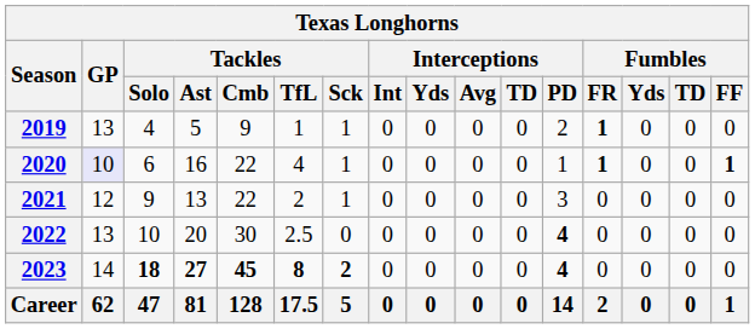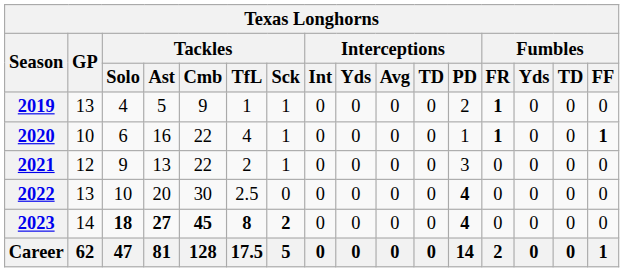 <table class="wikitable" style="text-align:center;">
 <tr>
 <th colspan="16">Texas Longhorns</th>
 </tr>
 <tr>
 <th rowspan="2">Season</th>
 <th rowspan="2">GP</th>
 <th colspan="5">Tackles</th>
 <th colspan="5">Interceptions</th>
 <th colspan="4">Fumbles</th>
 </tr>
 <tr>
 <th>Solo</th>
 <th>Ast</th>
 <th>Cmb</th>
 <th>TfL</th>
 <th>Sck</th>
 <th>Int</th>
 <th>Yds</th>
 <th>Avg</th>
 <th>TD</th>
 <th>PD</th>
 <th>FR</th>
 <th>Yds</th>
 <th>TD</th>
 <th>FF</th>
 </tr>
 <tr>
 <th><a href='#'>2019</a></th>
 <td>13</td>
 <td>4</td>
 <td>5</td>
 <td>9</td>
 <td>1</td>
 <td>1</td>
 <td>0</td>
 <td>0</td>
 <td>0</td>
 <td>0</td>
 <td>2</td>
 <td><strong>1</strong></td>
 <td>0</td>
 <td>0</td>
 <td>0</td>
 </tr>
 <tr>
 <th><a href='#'>2020</a></th>
-<td style="background: lavender;">10</td>
+<td>10</td>
 <td>6</td>
 <td>16</td>
 <td>22</td>
 <td>4</td>
 <td>1</td>
 <td>0</td>
 <td>0</td>
 <td>0</td>
 <td>0</td>
 <td>1</td>
 <td><strong>1</strong></td>
 <td>0</td>
 <td>0</td>
 <td><strong>1</strong></td>
 </tr>
 <tr>
 <th><a href='#'>2021</a></th>
 <td>12</td>
 <td>9</td>
 <td>13</td>
 <td>22</td>
 <td>2</td>
 <td>1</td>
 <td>0</td>
 <td>0</td>
 <td>0</td>
 <td>0</td>
 <td>3</td>
 <td>0</td>
 <td>0</td>
 <td>0</td>
 <td>0</td>
 </tr>
 <tr>
 <th><a href='#'>2022</a></th>
 <td>13</td>
 <td>10</td>
 <td>20</td>
 <td>30</td>
 <td>2.5</td>
 <td>0</td>
 <td>0</td>
 <td>0</td>
 <td>0</td>
 <td>0</td>
 <td><strong>4</strong></td>
 <td>0</td>
 <td>0</td>
 <td>0</td>
 <td>0</td>
 </tr>
 <tr>
 <th><a href='#'>2023</a></th>
 <td>14</td>
 <td><strong>18</strong></td>
 <td><strong>27</strong></td>
 <td><strong>45</strong></td>
 <td><strong>8</strong></td>
 <td><strong>2</strong></td>
 <td>0</td>
 <td>0</td>
 <td>0</td>
 <td>0</td>
 <td><strong>4</strong></td>
 <td>0</td>
 <td>0</td>
 <td>0</td>
 <td>0</td>
 </tr>
 <tr>
 <th>Career</th>
 <th>62</th>
 <th>47</th>
 <th>81</th>
 <th>128</th>
 <th>17.5</th>
 <th>5</th>
 <th>0</th>
 <th>0</th>
 <th>0</th>
 <th>0</th>
 <th>14</th>
 <th>2</th>
 <th>0</th>
 <th>0</th>
 <th>1</th>
 </tr>
 </table>
